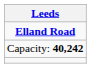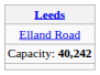 <table class="wikitable" style="text-align:center">
 <tr>
 <th><strong><a href='#'>Leeds</a></strong></th>
 </tr>
 <tr>
-<td><strong><a href='#'>Elland Road</a></strong></td>
+<td><a href='#'>Elland Road</a></td>
 </tr>
 <tr>
 <td>Capacity: <strong>40,242</strong></td>
 </tr>
 <tr>
 <td></td>
 </tr>
 </table>
